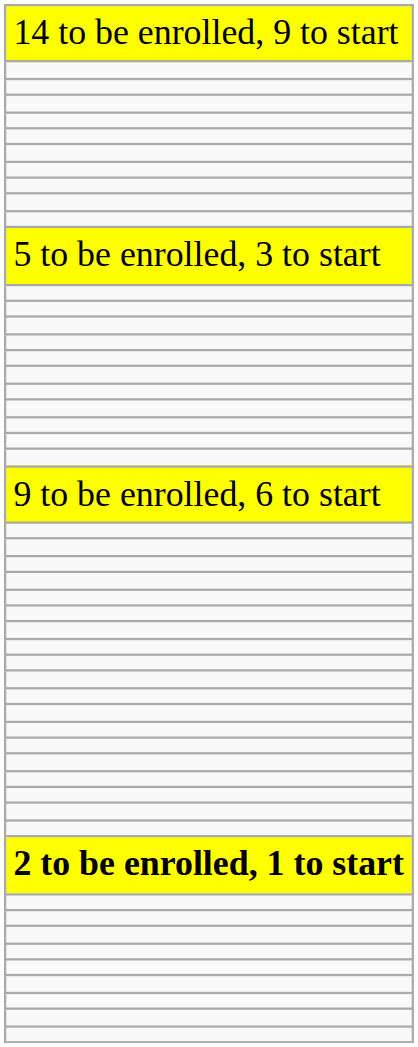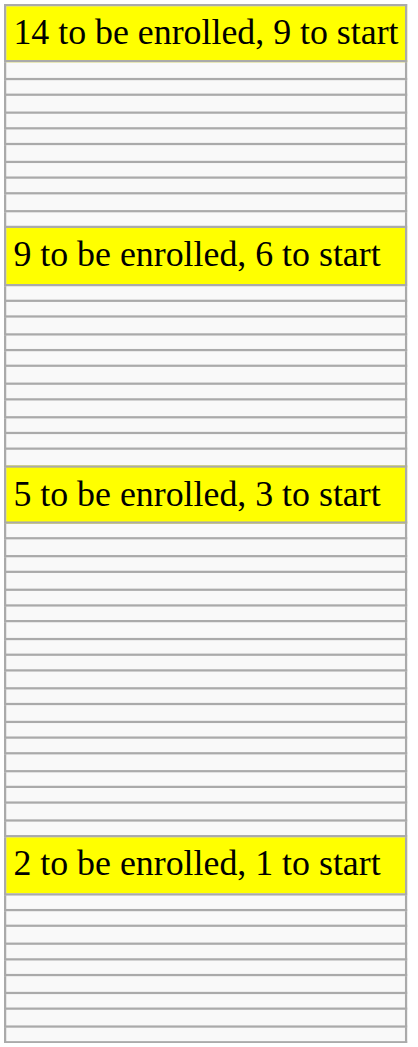 <table class="wikitable">
 <tr style="background:#ffff00;">
 <td>14 to be enrolled, 9 to start </td>
+</tr>
+<tr>
+<td></td>
+</tr>
+<tr>
+<td></td>
+</tr>
+<tr>
+<td></td>
+</tr>
+<tr>
+<td></td>
+</tr>
+<tr>
+<td></td>
+</tr>
+<tr>
+<td></td>
+</tr>
+<tr>
+<td></td>
+</tr>
+<tr>
+<td></td>
+</tr>
+<tr>
+<td></td>
+</tr>
+<tr>
+<td></td>
+</tr>
+<tr style="background:#ffff00;">
+<td>9 to be enrolled, 6 to start</td>
+</tr>
+<tr>
+<td></td>
 </tr>
 <tr>
 <td></td>
 </tr>
 <tr>
 <td></td>
 </tr>
 <tr>
 <td></td>
 </tr>
 <tr>
 <td></td>
 </tr>
 <tr>
 <td></td>
 </tr>
 <tr>
 <td></td>
 </tr>
 <tr>
 <td></td>
 </tr>
 <tr>
 <td></td>
 </tr>
 <tr>
 <td></td>
 </tr>
 <tr>
 <td></td>
 </tr>
 <tr style="background:#ffff00;">
 <td>5 to be enrolled, 3 to start</td>
 </tr>
 <tr>
 <td></td>
 </tr>
 <tr>
 <td></td>
 </tr>
 <tr>
 <td></td>
 </tr>
 <tr>
 <td></td>
 </tr>
 <tr>
 <td></td>
 </tr>
 <tr>
 <td></td>
 </tr>
 <tr>
 <td></td>
 </tr>
 <tr>
 <td></td>
 </tr>
 <tr>
 <td></td>
 </tr>
 <tr>
 <td></td>
 </tr>
 <tr>
 <td></td>
 </tr>
-<tr style="background:#ffff00;">
-<td>9 to be enrolled, 6 to start</td>
-</tr>
-<tr>
-<td></td>
-</tr>
-<tr>
-<td></td>
-</tr>
-<tr>
-<td></td>
-</tr>
-<tr>
-<td></td>
-</tr>
-<tr>
-<td></td>
-</tr>
-<tr>
-<td></td>
-</tr>
-<tr>
-<td></td>
-</tr>
-<tr>
-<td></td>
-</tr>
-<tr>
-<td></td>
-</tr>
-<tr>
-<td></td>
-</tr>
-<tr>
-<td></td>
-</tr>
 <tr>
 <td></td>
 </tr>
 <tr>
 <td></td>
 </tr>
 <tr>
 <td></td>
 </tr>
 <tr>
 <td></td>
 </tr>
 <tr>
 <td></td>
 </tr>
 <tr>
 <td></td>
 </tr>
 <tr>
 <td></td>
 </tr>
 <tr>
 <td></td>
 </tr>
 <tr style="background:#ffff00;">
-<td><strong>2 to be enrolled, 1 to start</strong></td>
+<td>2 to be enrolled, 1 to start</td>
 </tr>
 <tr>
 <td></td>
 </tr>
 <tr>
 <td></td>
 </tr>
 <tr>
 <td></td>
 </tr>
 <tr>
 <td></td>
 </tr>
 <tr>
 <td></td>
 </tr>
 <tr>
 <td></td>
 </tr>
 <tr>
 <td></td>
 </tr>
 <tr>
 <td></td>
 </tr>
 <tr>
 <td></td>
 </tr>
 </table>
